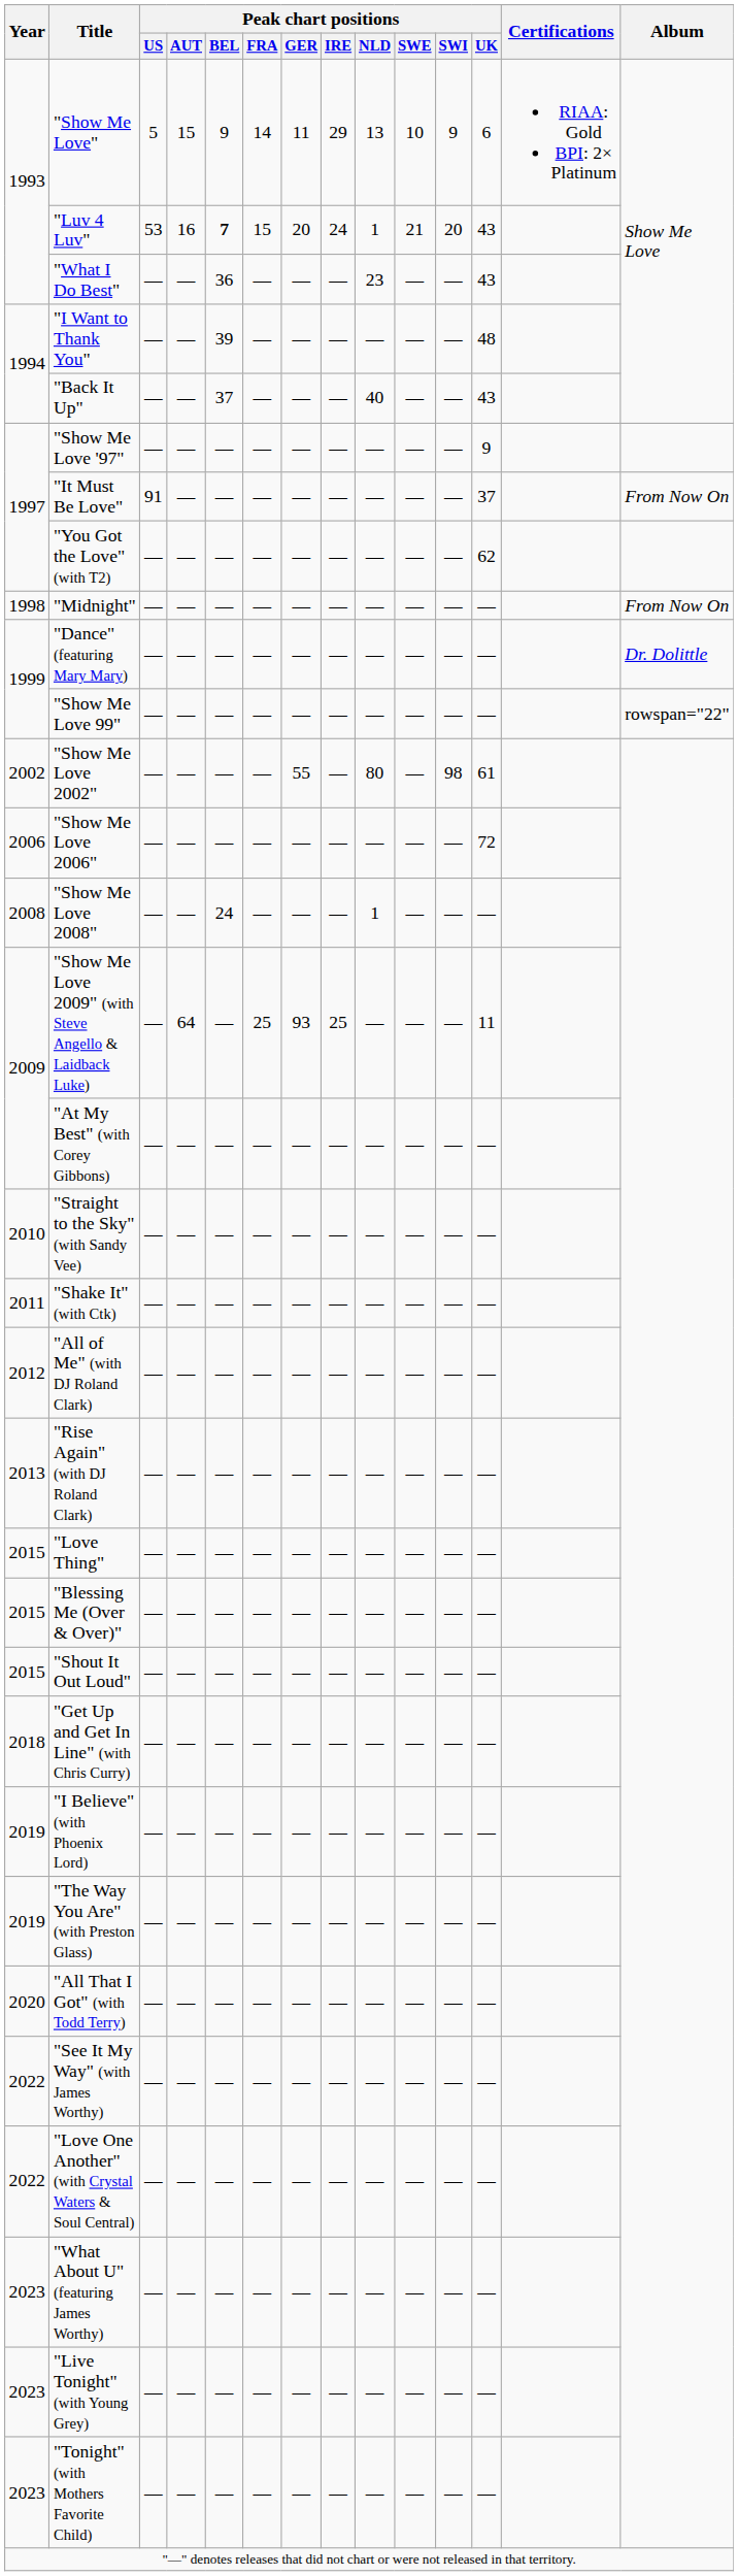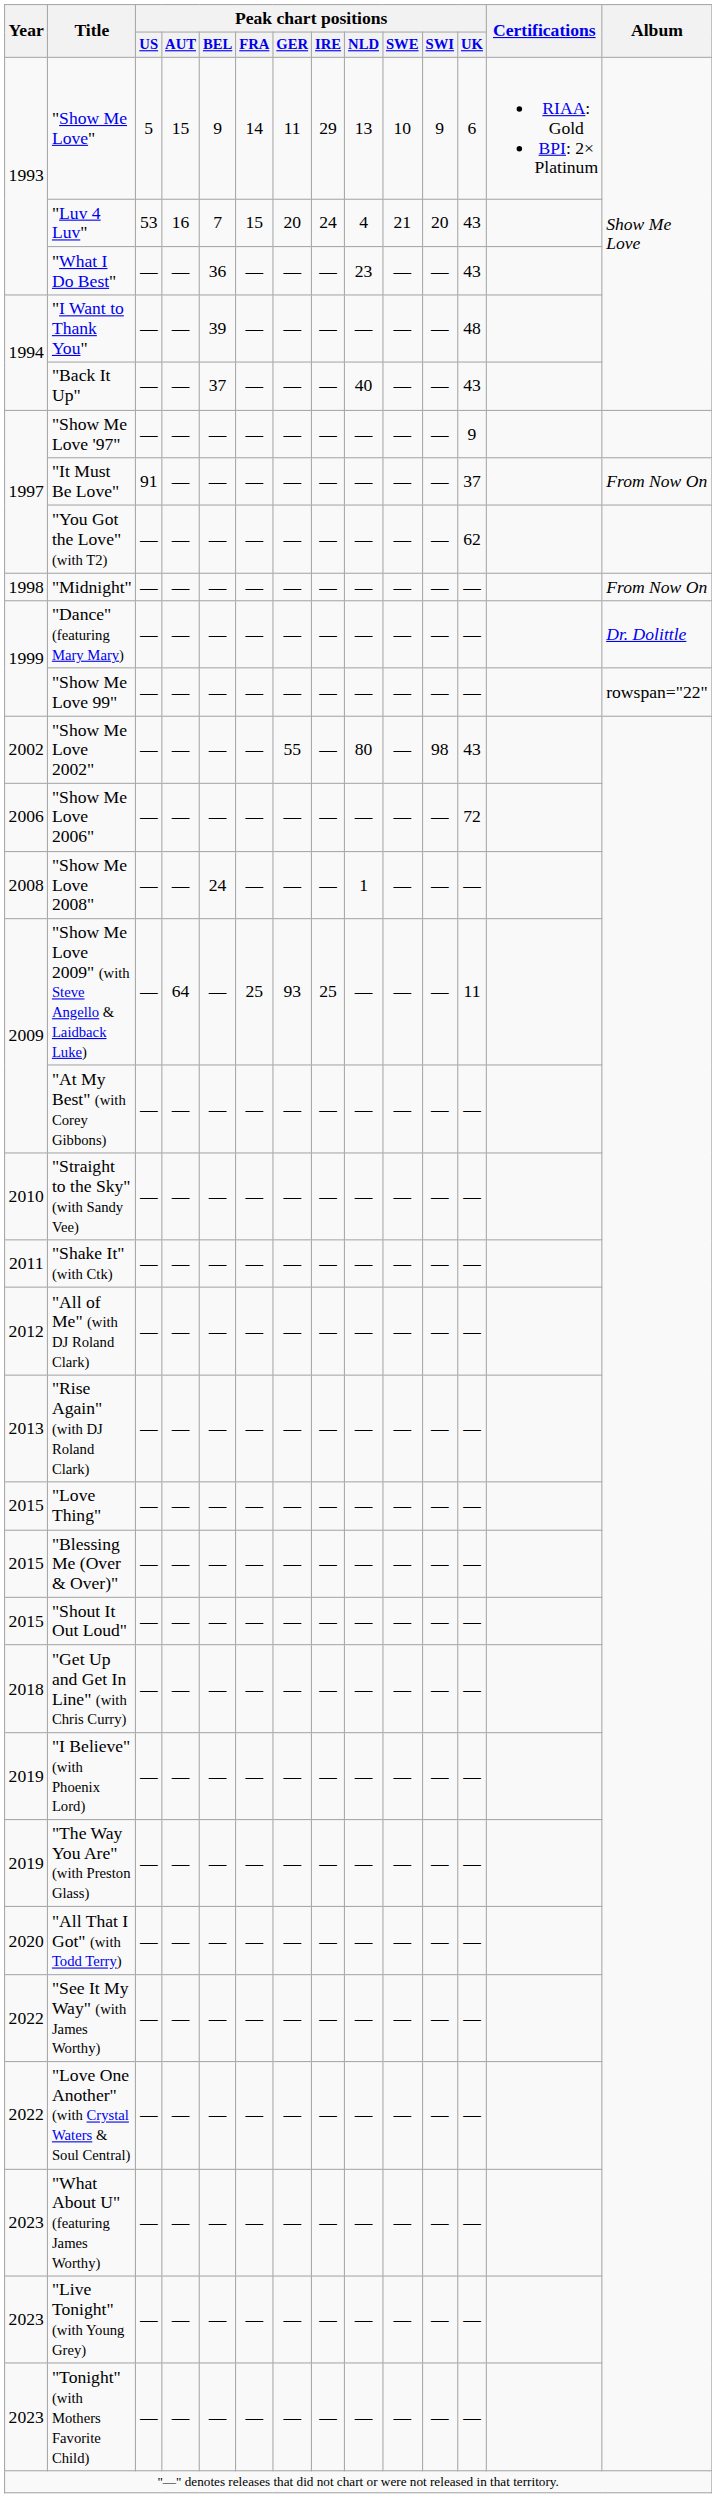 <table class="wikitable" style="text-align:center;">
 <tr>
 <th rowspan="2">Year</th>
 <th rowspan="2">Title</th>
 <th colspan="10">Peak chart positions</th>
 <th rowspan="2"><a href='#'>Certifications</a></th>
 <th rowspan="2">Album</th>
 </tr>
 <tr style="font-size:smaller;">
 <th width="30"><a href='#'>US</a><br></th>
 <th width="30"><a href='#'>AUT</a><br></th>
 <th width="30"><a href='#'>BEL</a><br></th>
 <th width="30"><a href='#'>FRA</a><br></th>
 <th width="30"><a href='#'>GER</a><br></th>
 <th width="30"><a href='#'>IRE</a><br></th>
 <th width="30"><a href='#'>NLD</a><br></th>
 <th width="30"><a href='#'>SWE</a><br></th>
 <th width="30"><a href='#'>SWI</a><br></th>
 <th width="30"><a href='#'>UK</a><br></th>
 </tr>
 <tr>
 <td rowspan="3">1993</td>
 <td align="left">"<a href='#'>Show Me Love</a>"</td>
 <td>5</td>
 <td>15</td>
 <td>9</td>
 <td>14</td>
 <td>11</td>
 <td>29</td>
 <td>13</td>
 <td>10</td>
 <td>9</td>
 <td>6</td>
 <td><br><ul><li><a href='#'>RIAA</a>: Gold</li><li><a href='#'>BPI</a>: 2× Platinum</li></ul></td>
 <td align="left" rowspan="5"><em>Show Me Love</em></td>
 </tr>
 <tr>
 <td align="left">"<a href='#'>Luv 4 Luv</a>"</td>
 <td>53</td>
 <td>16</td>
-<td><strong>7</strong></td>
+<td>7</td>
 <td>15</td>
 <td>20</td>
 <td>24</td>
-<td>1</td>
+<td>4</td>
 <td>21</td>
 <td>20</td>
 <td>43</td>
 <td></td>
 </tr>
 <tr>
 <td align="left">"<a href='#'>What I Do Best</a>"</td>
 <td>—</td>
 <td>—</td>
 <td>36</td>
 <td>—</td>
 <td>—</td>
 <td>—</td>
 <td>23</td>
 <td>—</td>
 <td>—</td>
 <td>43</td>
 <td></td>
 </tr>
 <tr>
 <td rowspan="2">1994</td>
 <td align="left">"<a href='#'>I Want to Thank You</a>"</td>
 <td>—</td>
 <td>—</td>
 <td>39</td>
 <td>—</td>
 <td>—</td>
 <td>—</td>
 <td>—</td>
 <td>—</td>
 <td>—</td>
 <td>48</td>
 <td></td>
 </tr>
 <tr>
 <td align="left">"Back It Up"</td>
 <td>—</td>
 <td>—</td>
 <td>37</td>
 <td>—</td>
 <td>—</td>
 <td>—</td>
 <td>40</td>
 <td>—</td>
 <td>—</td>
 <td>43</td>
 <td></td>
 </tr>
 <tr>
 <td rowspan="3">1997</td>
 <td align="left">"Show Me Love '97"</td>
 <td>—</td>
 <td>—</td>
 <td>—</td>
 <td>—</td>
 <td>—</td>
 <td>—</td>
 <td>—</td>
 <td>—</td>
 <td>—</td>
 <td>9</td>
 <td></td>
 <td></td>
 </tr>
 <tr>
 <td align="left">"It Must Be Love"</td>
 <td>91</td>
 <td>—</td>
 <td>—</td>
 <td>—</td>
 <td>—</td>
 <td>—</td>
 <td>—</td>
 <td>—</td>
 <td>—</td>
 <td>37</td>
 <td></td>
 <td align="left"><em>From Now On</em></td>
 </tr>
 <tr>
 <td align="left">"You Got the Love" <small>(with T2)</small></td>
 <td>—</td>
 <td>—</td>
 <td>—</td>
 <td>—</td>
 <td>—</td>
 <td>—</td>
 <td>—</td>
 <td>—</td>
 <td>—</td>
 <td>62</td>
 <td></td>
 <td></td>
 </tr>
 <tr>
 <td>1998</td>
 <td align="left">"Midnight"</td>
 <td>—</td>
 <td>—</td>
 <td>—</td>
 <td>—</td>
 <td>—</td>
 <td>—</td>
 <td>—</td>
 <td>—</td>
 <td>—</td>
 <td>—</td>
 <td></td>
 <td align="left"><em>From Now On</em></td>
 </tr>
 <tr>
 <td rowspan="2">1999</td>
 <td align="left">"Dance" <small>(featuring <a href='#'>Mary Mary</a>)</small></td>
 <td>—</td>
 <td>—</td>
 <td>—</td>
 <td>—</td>
 <td>—</td>
 <td>—</td>
 <td>—</td>
 <td>—</td>
 <td>—</td>
 <td>—</td>
 <td></td>
 <td align="left"><em><a href='#'>Dr. Dolittle</a></em></td>
 </tr>
 <tr>
 <td align="left">"Show Me Love 99"</td>
 <td>—</td>
 <td>—</td>
 <td>—</td>
 <td>—</td>
 <td>—</td>
 <td>—</td>
 <td>—</td>
 <td>—</td>
 <td>—</td>
 <td>—</td>
 <td></td>
 <td>rowspan="22" </td>
 </tr>
 <tr>
 <td>2002</td>
 <td align="left">"Show Me Love 2002"</td>
 <td>—</td>
 <td>—</td>
 <td>—</td>
 <td>—</td>
 <td>55</td>
 <td>—</td>
 <td>80</td>
 <td>—</td>
 <td>98</td>
-<td>61</td>
+<td>43</td>
 <td></td>
 </tr>
 <tr>
 <td>2006</td>
 <td align="left">"Show Me Love 2006"</td>
 <td>—</td>
 <td>—</td>
 <td>—</td>
 <td>—</td>
 <td>—</td>
 <td>—</td>
 <td>—</td>
 <td>—</td>
 <td>—</td>
 <td>72</td>
 <td></td>
 </tr>
 <tr>
 <td>2008</td>
 <td align="left">"Show Me Love 2008"</td>
 <td>—</td>
 <td>—</td>
 <td>24</td>
 <td>—</td>
 <td>—</td>
 <td>—</td>
 <td>1</td>
 <td>—</td>
 <td>—</td>
 <td>—</td>
 <td></td>
 </tr>
 <tr>
 <td rowspan="2">2009</td>
 <td align="left">"Show Me Love 2009" <small>(with <a href='#'>Steve Angello</a> & <a href='#'>Laidback Luke</a>)</small></td>
 <td>—</td>
 <td>64</td>
 <td>—</td>
 <td>25</td>
 <td>93</td>
 <td>25</td>
 <td>—</td>
 <td>—</td>
 <td>—</td>
 <td>11</td>
 <td></td>
 </tr>
 <tr>
 <td align="left">"At My Best" <small>(with Corey Gibbons)</small></td>
 <td>—</td>
 <td>—</td>
 <td>—</td>
 <td>—</td>
 <td>—</td>
 <td>—</td>
 <td>—</td>
 <td>—</td>
 <td>—</td>
 <td>—</td>
 <td></td>
 </tr>
 <tr>
 <td>2010</td>
 <td align="left">"Straight to the Sky" <small>(with Sandy Vee)</small></td>
 <td>—</td>
 <td>—</td>
 <td>—</td>
 <td>—</td>
 <td>—</td>
 <td>—</td>
 <td>—</td>
 <td>—</td>
 <td>—</td>
 <td>—</td>
 <td></td>
 </tr>
 <tr>
 <td>2011</td>
 <td align="left">"Shake It" <small>(with Ctk)</small></td>
 <td>—</td>
 <td>—</td>
 <td>—</td>
 <td>—</td>
 <td>—</td>
 <td>—</td>
 <td>—</td>
 <td>—</td>
 <td>—</td>
 <td>—</td>
 <td></td>
 </tr>
 <tr>
 <td>2012</td>
 <td align="left">"All of Me" <small>(with DJ Roland Clark)</small></td>
 <td>—</td>
 <td>—</td>
 <td>—</td>
 <td>—</td>
 <td>—</td>
 <td>—</td>
 <td>—</td>
 <td>—</td>
 <td>—</td>
 <td>—</td>
 <td></td>
 </tr>
 <tr>
 <td>2013</td>
 <td align="left">"Rise Again" <small>(with DJ Roland Clark)</small></td>
 <td>—</td>
 <td>—</td>
 <td>—</td>
 <td>—</td>
 <td>—</td>
 <td>—</td>
 <td>—</td>
 <td>—</td>
 <td>—</td>
 <td>—</td>
 <td></td>
 </tr>
 <tr>
 <td>2015</td>
 <td align="left">"Love Thing"</td>
 <td>—</td>
 <td>—</td>
 <td>—</td>
 <td>—</td>
 <td>—</td>
 <td>—</td>
 <td>—</td>
 <td>—</td>
 <td>—</td>
 <td>—</td>
 <td></td>
 </tr>
 <tr>
 <td>2015</td>
 <td align="left">"Blessing Me (Over & Over)"</td>
 <td>—</td>
 <td>—</td>
 <td>—</td>
 <td>—</td>
 <td>—</td>
 <td>—</td>
 <td>—</td>
 <td>—</td>
 <td>—</td>
 <td>—</td>
 <td></td>
 </tr>
 <tr>
 <td>2015</td>
 <td align="left">"Shout It Out Loud"</td>
 <td>—</td>
 <td>—</td>
 <td>—</td>
 <td>—</td>
 <td>—</td>
 <td>—</td>
 <td>—</td>
 <td>—</td>
 <td>—</td>
 <td>—</td>
 <td></td>
 </tr>
 <tr>
 <td>2018</td>
 <td align="left">"Get Up and Get In Line" <small>(with Chris Curry)</small></td>
 <td>—</td>
 <td>—</td>
 <td>—</td>
 <td>—</td>
 <td>—</td>
 <td>—</td>
 <td>—</td>
 <td>—</td>
 <td>—</td>
 <td>—</td>
 <td></td>
 </tr>
 <tr>
 <td>2019</td>
 <td align="left">"I Believe" <small>(with Phoenix Lord)</small></td>
 <td>—</td>
 <td>—</td>
 <td>—</td>
 <td>—</td>
 <td>—</td>
 <td>—</td>
 <td>—</td>
 <td>—</td>
 <td>—</td>
 <td>—</td>
 <td></td>
 </tr>
 <tr>
 <td>2019</td>
 <td align="left">"The Way You Are" <small>(with Preston Glass)</small></td>
 <td>—</td>
 <td>—</td>
 <td>—</td>
 <td>—</td>
 <td>—</td>
 <td>—</td>
 <td>—</td>
 <td>—</td>
 <td>—</td>
 <td>—</td>
 <td></td>
 </tr>
 <tr>
 <td>2020</td>
 <td align="left">"All That I Got" <small>(with <a href='#'>Todd Terry</a>)</small></td>
 <td>—</td>
 <td>—</td>
 <td>—</td>
 <td>—</td>
 <td>—</td>
 <td>—</td>
 <td>—</td>
 <td>—</td>
 <td>—</td>
 <td>—</td>
 <td></td>
 </tr>
 <tr>
 <td>2022</td>
 <td align="left">"See It My Way" <small>(with James Worthy)</small></td>
 <td>—</td>
 <td>—</td>
 <td>—</td>
 <td>—</td>
 <td>—</td>
 <td>—</td>
 <td>—</td>
 <td>—</td>
 <td>—</td>
 <td>—</td>
 <td></td>
 </tr>
 <tr>
 <td>2022</td>
 <td align="left">"Love One Another" <small>(with <a href='#'>Crystal Waters</a> & Soul Central)</small></td>
 <td>—</td>
 <td>—</td>
 <td>—</td>
 <td>—</td>
 <td>—</td>
 <td>—</td>
 <td>—</td>
 <td>—</td>
 <td>—</td>
 <td>—</td>
 <td></td>
 </tr>
 <tr>
 <td>2023</td>
 <td align="left">"What About U" <small>(featuring James Worthy)</small></td>
 <td>—</td>
 <td>—</td>
 <td>—</td>
 <td>—</td>
 <td>—</td>
 <td>—</td>
 <td>—</td>
 <td>—</td>
 <td>—</td>
 <td>—</td>
 <td></td>
 </tr>
 <tr>
 <td>2023</td>
 <td align="left">"Live Tonight" <small>(with Young Grey)</small></td>
 <td>—</td>
 <td>—</td>
 <td>—</td>
 <td>—</td>
 <td>—</td>
 <td>—</td>
 <td>—</td>
 <td>—</td>
 <td>—</td>
 <td>—</td>
 <td></td>
 </tr>
 <tr>
 <td>2023</td>
 <td align="left">"Tonight" <small>(with Mothers Favorite Child)</small></td>
 <td>—</td>
 <td>—</td>
 <td>—</td>
 <td>—</td>
 <td>—</td>
 <td>—</td>
 <td>—</td>
 <td>—</td>
 <td>—</td>
 <td>—</td>
 <td></td>
 </tr>
 <tr>
 <td colspan="16" style="text-align:center; font-size:9pt;">"—" denotes releases that did not chart or were not released in that territory.</td>
 </tr>
 </table>
